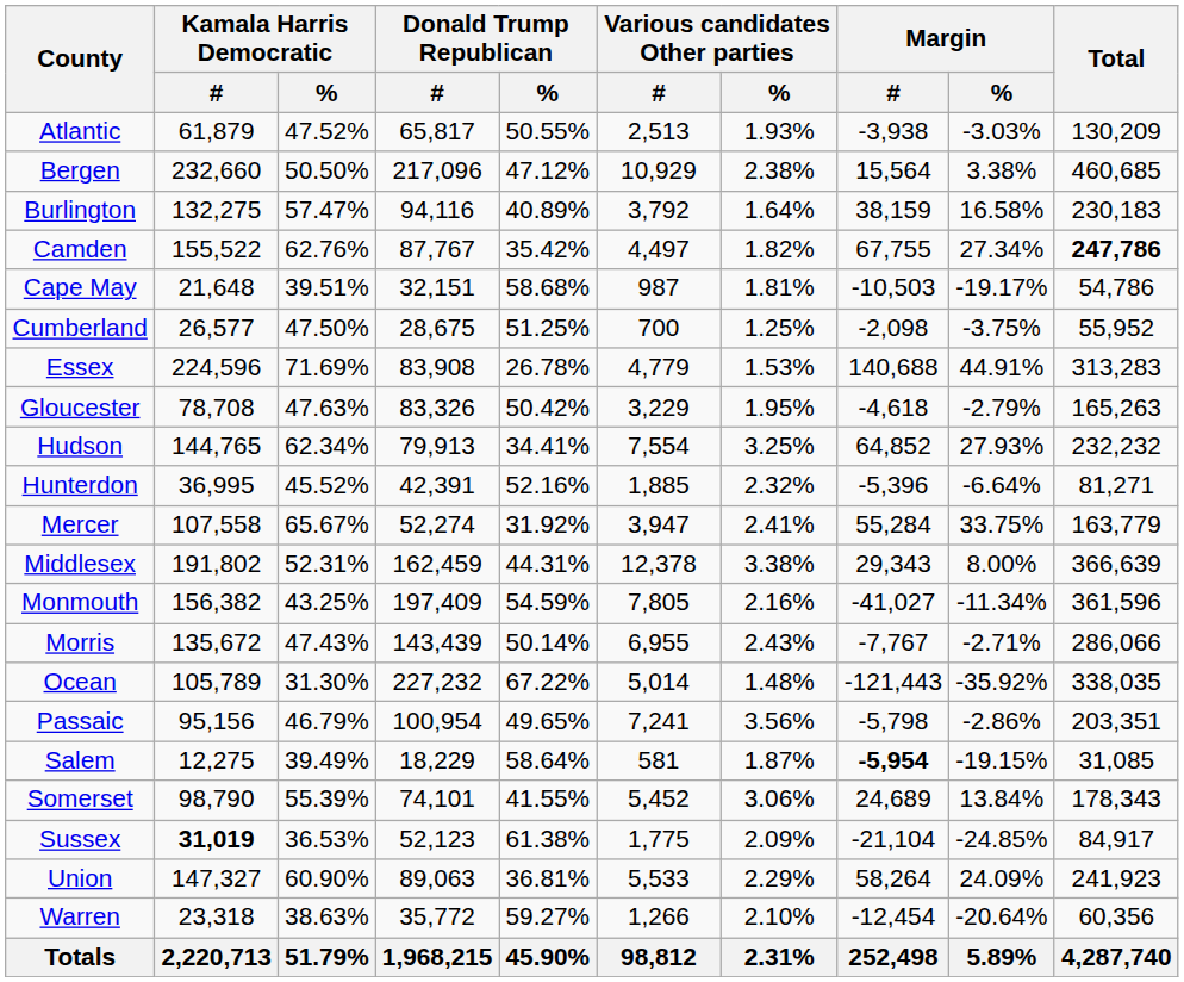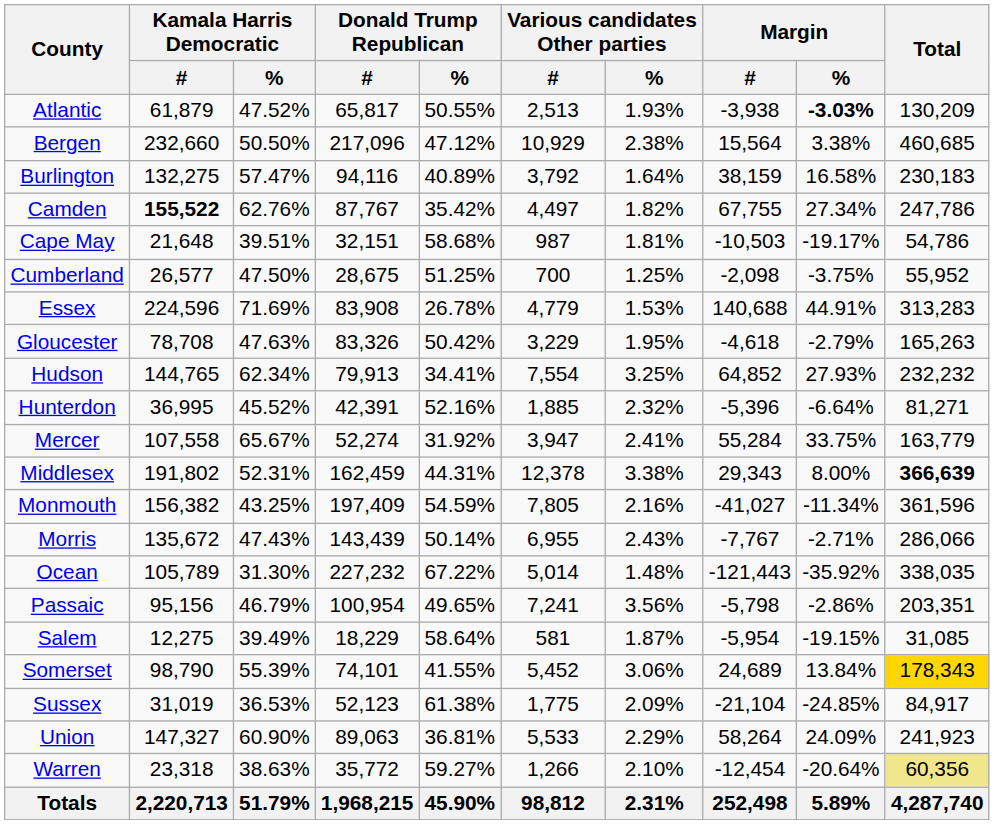 <table width="60%"  class="wikitable sortable" style="text-align:center">
 <tr>
 <th style="text-align:center;" rowspan="2">County</th>
 <th style="text-align:center;" colspan="2">Kamala Harris<br>Democratic</th>
 <th style="text-align:center;" colspan="2">Donald Trump<br>Republican</th>
 <th style="text-align:center;" colspan="2">Various candidates<br>Other parties</th>
 <th style="text-align:center;" colspan="2">Margin</th>
 <th style="text-align:center;" rowspan="2">Total</th>
 </tr>
 <tr>
 <th style="text-align:center;" data-sort-type="number">#</th>
 <th style="text-align:center;" data-sort-type="number">%</th>
 <th style="text-align:center;" data-sort-type="number">#</th>
 <th style="text-align:center;" data-sort-type="number">%</th>
 <th style="text-align:center;" data-sort-type="number">#</th>
 <th style="text-align:center;" data-sort-type="number">%</th>
 <th style="text-align:center;" data-sort-type="number">#</th>
 <th style="text-align:center;" data-sort-type="number">%</th>
 </tr>
 <tr style="text-align:center;">
 <td><a href='#'>Atlantic</a></td>
 <td>61,879</td>
 <td>47.52%</td>
 <td>65,817</td>
 <td>50.55%</td>
 <td>2,513</td>
 <td>1.93%</td>
 <td>-3,938</td>
-<td>-3.03%</td>
+<td><strong>-3.03%</strong></td>
 <td>130,209</td>
 </tr>
 <tr style="text-align:center;">
 <td><a href='#'>Bergen</a></td>
 <td>232,660</td>
 <td>50.50%</td>
 <td>217,096</td>
 <td>47.12%</td>
 <td>10,929</td>
 <td>2.38%</td>
 <td>15,564</td>
 <td>3.38%</td>
 <td>460,685</td>
 </tr>
 <tr style="text-align:center;">
 <td><a href='#'>Burlington</a></td>
 <td>132,275</td>
 <td>57.47%</td>
 <td>94,116</td>
 <td>40.89%</td>
 <td>3,792</td>
 <td>1.64%</td>
 <td>38,159</td>
 <td>16.58%</td>
 <td>230,183</td>
 </tr>
 <tr style="text-align:center;">
 <td><a href='#'>Camden</a></td>
-<td>155,522</td>
+<td><strong>155,522</strong></td>
 <td>62.76%</td>
 <td>87,767</td>
 <td>35.42%</td>
 <td>4,497</td>
 <td>1.82%</td>
 <td>67,755</td>
 <td>27.34%</td>
-<td><strong>247,786</strong></td>
+<td>247,786</td>
 </tr>
 <tr style="text-align:center;">
 <td><a href='#'>Cape May</a></td>
 <td>21,648</td>
 <td>39.51%</td>
 <td>32,151</td>
 <td>58.68%</td>
 <td>987</td>
 <td>1.81%</td>
 <td>-10,503</td>
 <td>-19.17%</td>
 <td>54,786</td>
 </tr>
 <tr style="text-align:center;">
 <td><a href='#'>Cumberland</a></td>
 <td>26,577</td>
 <td>47.50%</td>
 <td>28,675</td>
 <td>51.25%</td>
 <td>700</td>
 <td>1.25%</td>
 <td>-2,098</td>
 <td>-3.75%</td>
 <td>55,952</td>
 </tr>
 <tr style="text-align:center;">
 <td><a href='#'>Essex</a></td>
 <td>224,596</td>
 <td>71.69%</td>
 <td>83,908</td>
 <td>26.78%</td>
 <td>4,779</td>
 <td>1.53%</td>
 <td>140,688</td>
 <td>44.91%</td>
 <td>313,283</td>
 </tr>
 <tr style="text-align:center;">
 <td><a href='#'>Gloucester</a></td>
 <td>78,708</td>
 <td>47.63%</td>
 <td>83,326</td>
 <td>50.42%</td>
 <td>3,229</td>
 <td>1.95%</td>
 <td>-4,618</td>
 <td>-2.79%</td>
 <td>165,263</td>
 </tr>
 <tr style="text-align:center;">
 <td><a href='#'>Hudson</a></td>
 <td>144,765</td>
 <td>62.34%</td>
 <td>79,913</td>
 <td>34.41%</td>
 <td>7,554</td>
 <td>3.25%</td>
 <td>64,852</td>
 <td>27.93%</td>
 <td>232,232</td>
 </tr>
 <tr style="text-align:center;">
 <td><a href='#'>Hunterdon</a></td>
 <td>36,995</td>
 <td>45.52%</td>
 <td>42,391</td>
 <td>52.16%</td>
 <td>1,885</td>
 <td>2.32%</td>
 <td>-5,396</td>
 <td>-6.64%</td>
 <td>81,271</td>
 </tr>
 <tr style="text-align:center;">
 <td><a href='#'>Mercer</a></td>
 <td>107,558</td>
 <td>65.67%</td>
 <td>52,274</td>
 <td>31.92%</td>
 <td>3,947</td>
 <td>2.41%</td>
 <td>55,284</td>
 <td>33.75%</td>
 <td>163,779</td>
 </tr>
 <tr style="text-align:center;">
 <td><a href='#'>Middlesex</a></td>
 <td>191,802</td>
 <td>52.31%</td>
 <td>162,459</td>
 <td>44.31%</td>
 <td>12,378</td>
 <td>3.38%</td>
 <td>29,343</td>
 <td>8.00%</td>
-<td>366,639</td>
+<td><strong>366,639</strong></td>
 </tr>
 <tr style="text-align:center;">
 <td><a href='#'>Monmouth</a></td>
 <td>156,382</td>
 <td>43.25%</td>
 <td>197,409</td>
 <td>54.59%</td>
 <td>7,805</td>
 <td>2.16%</td>
 <td>-41,027</td>
 <td>-11.34%</td>
 <td>361,596</td>
 </tr>
 <tr style="text-align:center;">
 <td><a href='#'>Morris</a></td>
 <td>135,672</td>
 <td>47.43%</td>
 <td>143,439</td>
 <td>50.14%</td>
 <td>6,955</td>
 <td>2.43%</td>
 <td>-7,767</td>
 <td>-2.71%</td>
 <td>286,066</td>
 </tr>
 <tr style="text-align:center;">
 <td><a href='#'>Ocean</a></td>
 <td>105,789</td>
 <td>31.30%</td>
 <td>227,232</td>
 <td>67.22%</td>
 <td>5,014</td>
 <td>1.48%</td>
 <td>-121,443</td>
 <td>-35.92%</td>
 <td>338,035</td>
 </tr>
 <tr style="text-align:center;">
 <td><a href='#'>Passaic</a></td>
 <td>95,156</td>
 <td>46.79%</td>
 <td>100,954</td>
 <td>49.65%</td>
 <td>7,241</td>
 <td>3.56%</td>
 <td>-5,798</td>
 <td>-2.86%</td>
 <td>203,351</td>
 </tr>
 <tr style="text-align:center;">
 <td><a href='#'>Salem</a></td>
 <td>12,275</td>
 <td>39.49%</td>
 <td>18,229</td>
 <td>58.64%</td>
 <td>581</td>
 <td>1.87%</td>
-<td><strong>-5,954</strong></td>
+<td>-5,954</td>
 <td>-19.15%</td>
 <td>31,085</td>
 </tr>
 <tr style="text-align:center;">
 <td><a href='#'>Somerset</a></td>
 <td>98,790</td>
 <td>55.39%</td>
 <td>74,101</td>
 <td>41.55%</td>
 <td>5,452</td>
 <td>3.06%</td>
 <td>24,689</td>
 <td>13.84%</td>
-<td>178,343</td>
+<td style="background: gold;">178,343</td>
 </tr>
 <tr style="text-align:center;">
 <td><a href='#'>Sussex</a></td>
-<td><strong>31,019</strong></td>
+<td>31,019</td>
 <td>36.53%</td>
 <td>52,123</td>
 <td>61.38%</td>
 <td>1,775</td>
 <td>2.09%</td>
 <td>-21,104</td>
 <td>-24.85%</td>
 <td>84,917</td>
 </tr>
 <tr style="text-align:center;">
 <td><a href='#'>Union</a></td>
 <td>147,327</td>
 <td>60.90%</td>
 <td>89,063</td>
 <td>36.81%</td>
 <td>5,533</td>
 <td>2.29%</td>
 <td>58,264</td>
 <td>24.09%</td>
 <td>241,923</td>
 </tr>
 <tr style="text-align:center;">
 <td><a href='#'>Warren</a></td>
 <td>23,318</td>
 <td>38.63%</td>
 <td>35,772</td>
 <td>59.27%</td>
 <td>1,266</td>
 <td>2.10%</td>
 <td>-12,454</td>
 <td>-20.64%</td>
-<td>60,356</td>
+<td style="background: khaki;">60,356</td>
 </tr>
 <tr>
 <th>Totals</th>
 <th>2,220,713</th>
 <th>51.79%</th>
 <th>1,968,215</th>
 <th>45.90%</th>
 <th>98,812</th>
 <th>2.31%</th>
 <th>252,498</th>
 <th>5.89%</th>
 <th>4,287,740</th>
 </tr>
 </table>
